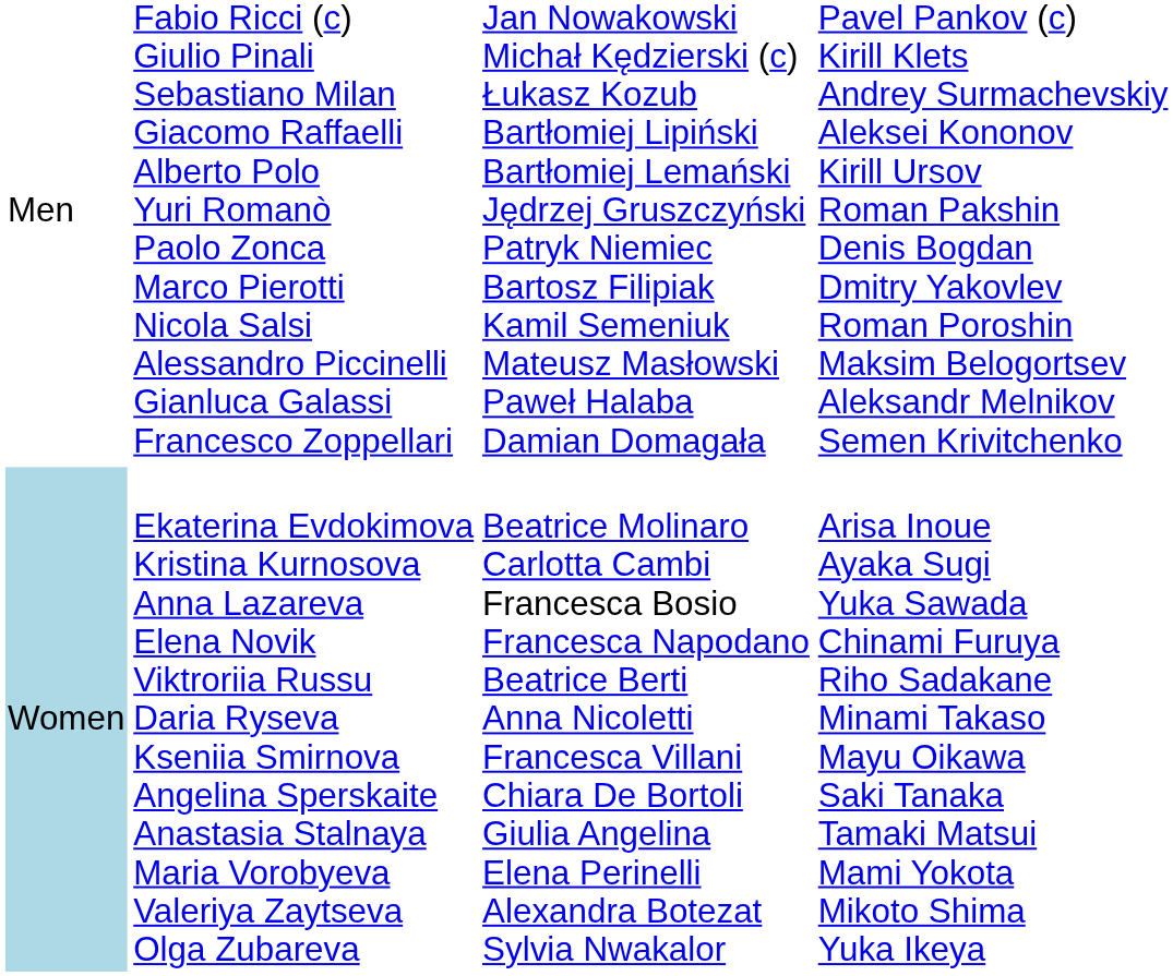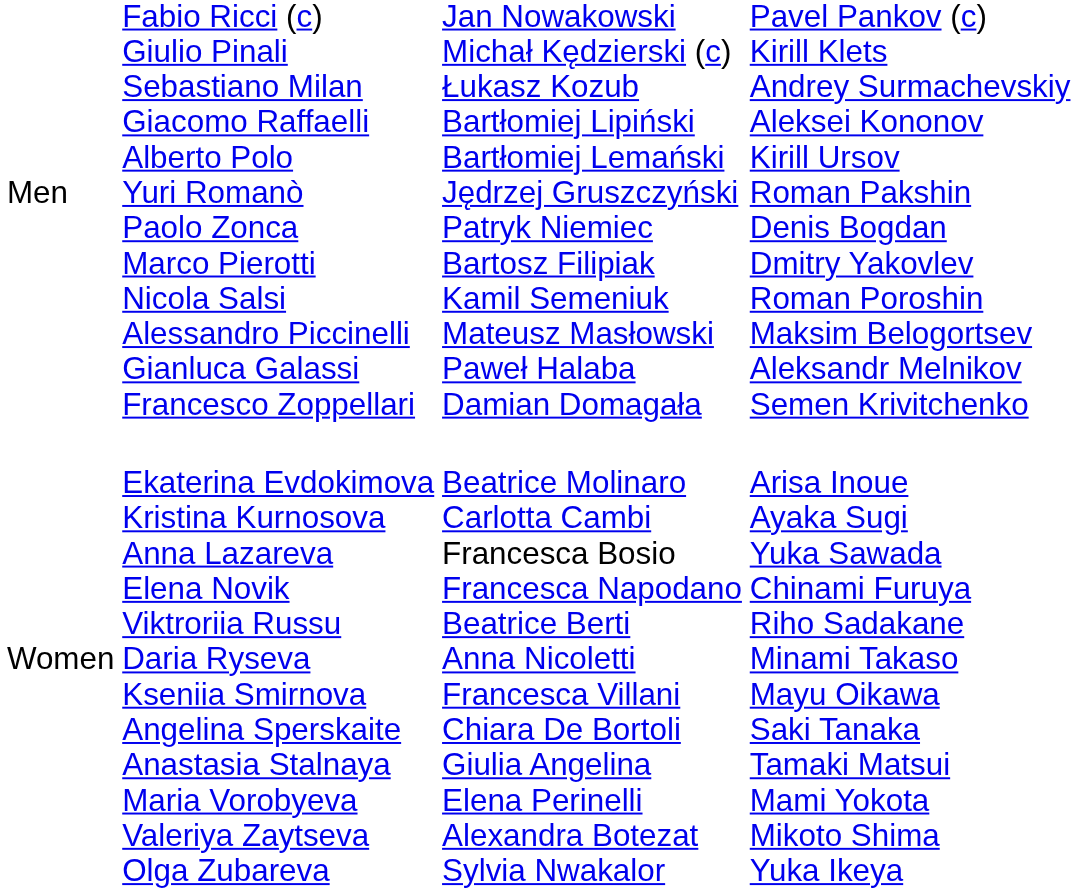 <table>
 <tr>
 <td>Men<br></td>
 <td><br><a href='#'>Fabio Ricci</a> (<a href='#'>c</a>)<br><a href='#'>Giulio Pinali</a><br><a href='#'>Sebastiano Milan</a><br><a href='#'>Giacomo Raffaelli</a><br><a href='#'>Alberto Polo</a><br><a href='#'>Yuri Romanò</a><br><a href='#'>Paolo Zonca</a><br><a href='#'>Marco Pierotti</a><br><a href='#'>Nicola Salsi</a><br><a href='#'>Alessandro Piccinelli</a><br><a href='#'>Gianluca Galassi</a><br><a href='#'>Francesco Zoppellari</a></td>
 <td><br><a href='#'>Jan Nowakowski</a><br><a href='#'>Michał Kędzierski</a> (<a href='#'>c</a>)<br><a href='#'>Łukasz Kozub</a><br><a href='#'>Bartłomiej Lipiński</a><br><a href='#'>Bartłomiej Lemański</a><br><a href='#'>Jędrzej Gruszczyński</a><br><a href='#'>Patryk Niemiec</a><br><a href='#'>Bartosz Filipiak</a><br><a href='#'>Kamil Semeniuk</a><br><a href='#'>Mateusz Masłowski</a><br><a href='#'>Paweł Halaba</a><br><a href='#'>Damian Domagała</a></td>
 <td><br><a href='#'>Pavel Pankov</a> (<a href='#'>c</a>)<br><a href='#'>Kirill Klets</a><br><a href='#'>Andrey Surmachevskiy</a><br><a href='#'>Aleksei Kononov</a><br><a href='#'>Kirill Ursov</a><br><a href='#'>Roman Pakshin</a><br><a href='#'>Denis Bogdan</a><br><a href='#'>Dmitry Yakovlev</a><br><a href='#'>Roman Poroshin</a><br><a href='#'>Maksim Belogortsev</a><br><a href='#'>Aleksandr Melnikov</a><br><a href='#'>Semen Krivitchenko</a></td>
 </tr>
 <tr>
-<td style="background: lightblue;">Women<br></td>
+<td>Women<br></td>
 <td><br><a href='#'>Ekaterina Evdokimova</a><br><a href='#'>Kristina Kurnosova</a><br><a href='#'>Anna Lazareva</a><br><a href='#'>Elena Novik</a><br><a href='#'>Viktroriia Russu</a><br><a href='#'>Daria Ryseva</a><br><a href='#'>Kseniia Smirnova</a><br><a href='#'>Angelina Sperskaite</a><br><a href='#'>Anastasia Stalnaya</a><br><a href='#'>Maria Vorobyeva</a><br><a href='#'>Valeriya Zaytseva</a><br><a href='#'>Olga Zubareva</a></td>
 <td><br><a href='#'>Beatrice Molinaro</a><br><a href='#'>Carlotta Cambi</a><br>Francesca Bosio<br><a href='#'>Francesca Napodano</a><br><a href='#'>Beatrice Berti</a><br><a href='#'>Anna Nicoletti</a><br><a href='#'>Francesca Villani</a><br><a href='#'>Chiara De Bortoli</a><br><a href='#'>Giulia Angelina</a><br><a href='#'>Elena Perinelli</a><br><a href='#'>Alexandra Botezat</a><br><a href='#'>Sylvia Nwakalor</a></td>
 <td><br><a href='#'>Arisa Inoue</a><br><a href='#'>Ayaka Sugi</a><br><a href='#'>Yuka Sawada</a><br><a href='#'>Chinami Furuya</a><br><a href='#'>Riho Sadakane</a><br><a href='#'>Minami Takaso</a><br><a href='#'>Mayu Oikawa</a><br><a href='#'>Saki Tanaka</a><br><a href='#'>Tamaki Matsui</a><br><a href='#'>Mami Yokota</a><br><a href='#'>Mikoto Shima</a><br><a href='#'>Yuka Ikeya</a></td>
 </tr>
 </table>
